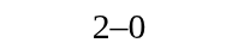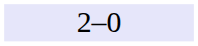 <table style="text-align:center">
 <tr>
 <th width=200></th>
 <th width=100></th>
 <th width=200></th>
 </tr>
 <tr>
 <td align=right></td>
-<td>2–0</td>
+<td style="background: lavender;">2–0</td>
 <td align=left></td>
 </tr>
 <tr>
 </tr>
 </table>
